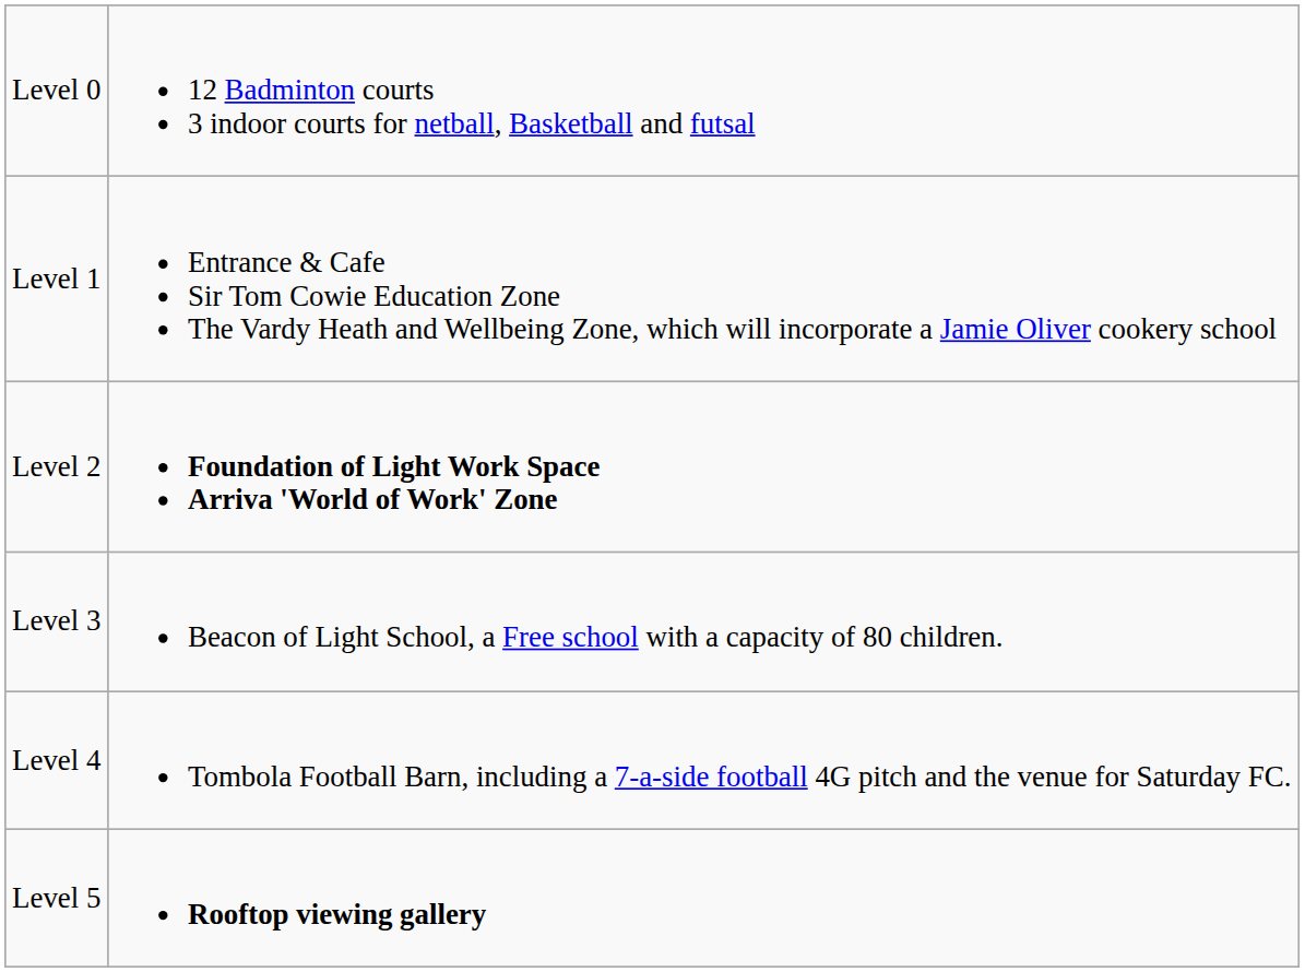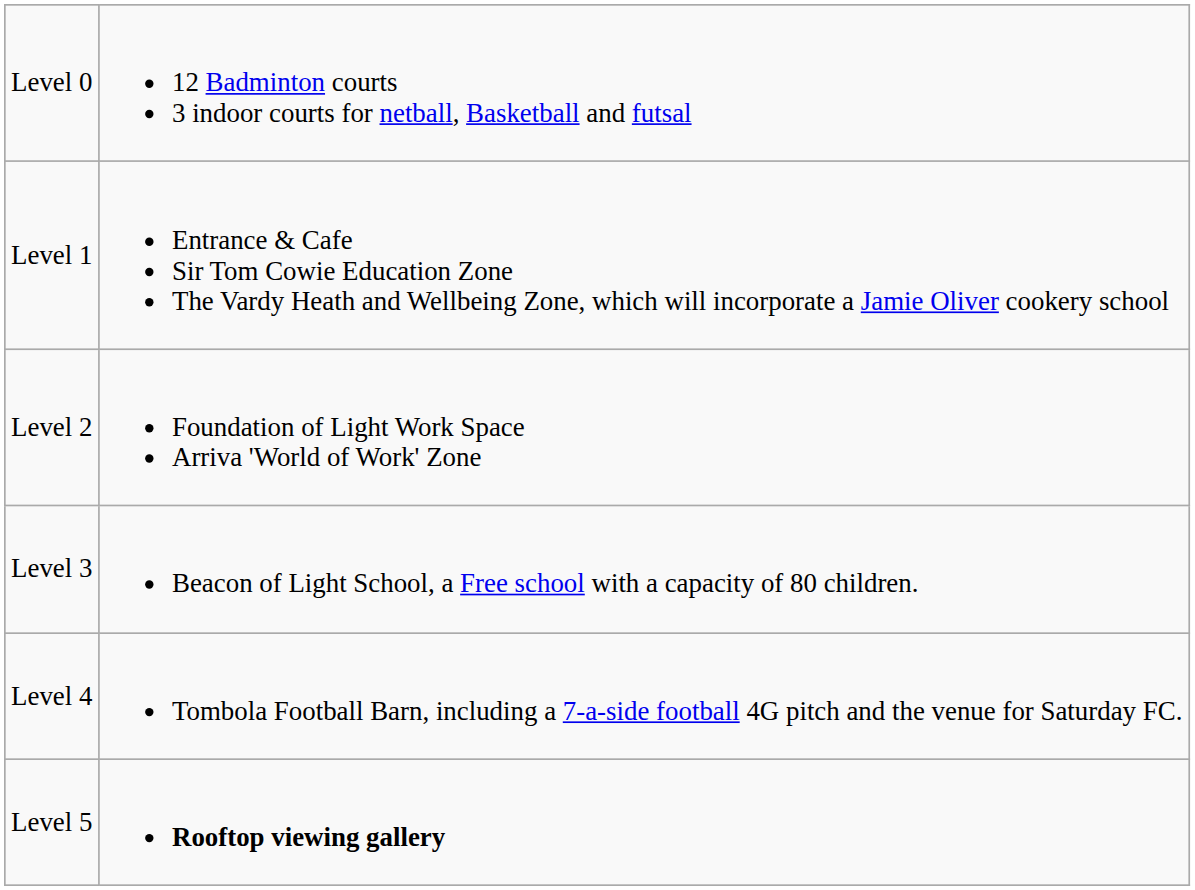 <table class="wikitable">
 <tr>
 <td>Level 0</td>
 <td><br><ul><li>12 <a href='#'>Badminton</a> courts</li><li>3 indoor courts for <a href='#'>netball</a>, <a href='#'>Basketball</a> and <a href='#'>futsal</a></li></ul></td>
 </tr>
 <tr>
 <td>Level 1</td>
 <td><br><ul><li>Entrance & Cafe</li><li>Sir Tom Cowie Education Zone</li><li>The Vardy Heath and Wellbeing Zone, which will incorporate a <a href='#'>Jamie Oliver</a> cookery school </li></ul></td>
 </tr>
 <tr>
 <td>Level 2</td>
-<td><strong><br><ul><li>Foundation of Light Work Space</li><li>Arriva 'World of Work' Zone </li></ul></strong></td>
+<td><br><ul><li>Foundation of Light Work Space</li><li>Arriva 'World of Work' Zone </li></ul></td>
 </tr>
 <tr>
 <td>Level 3</td>
 <td><br><ul><li>Beacon of Light School, a <a href='#'>Free school</a>  with a capacity of 80 children.</li></ul></td>
 </tr>
 <tr>
 <td>Level 4</td>
 <td><br><ul><li>Tombola Football Barn, including a  <a href='#'>7-a-side football</a> 4G pitch and the venue for Saturday FC.</li></ul></td>
 </tr>
 <tr>
 <td>Level 5</td>
 <td><strong><br><ul><li>Rooftop viewing gallery</li></ul></strong></td>
 </tr>
 </table>
